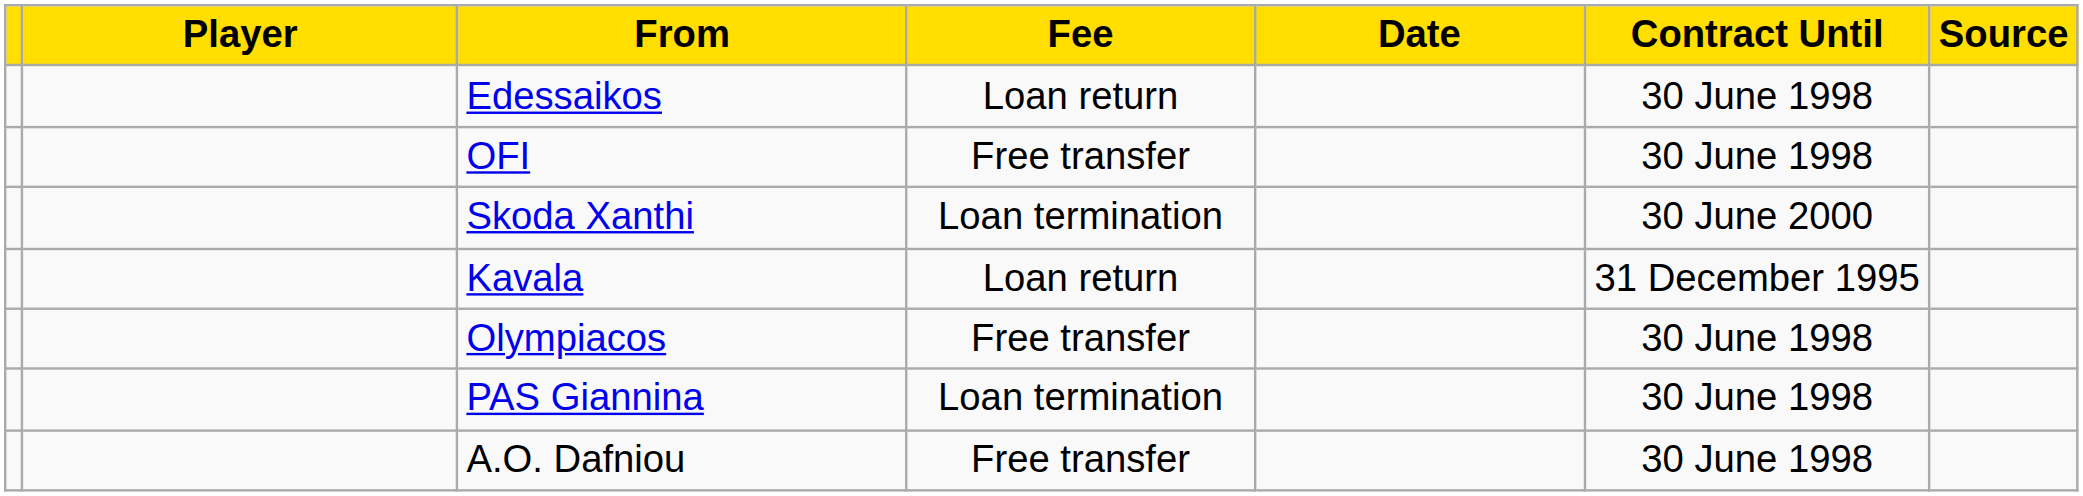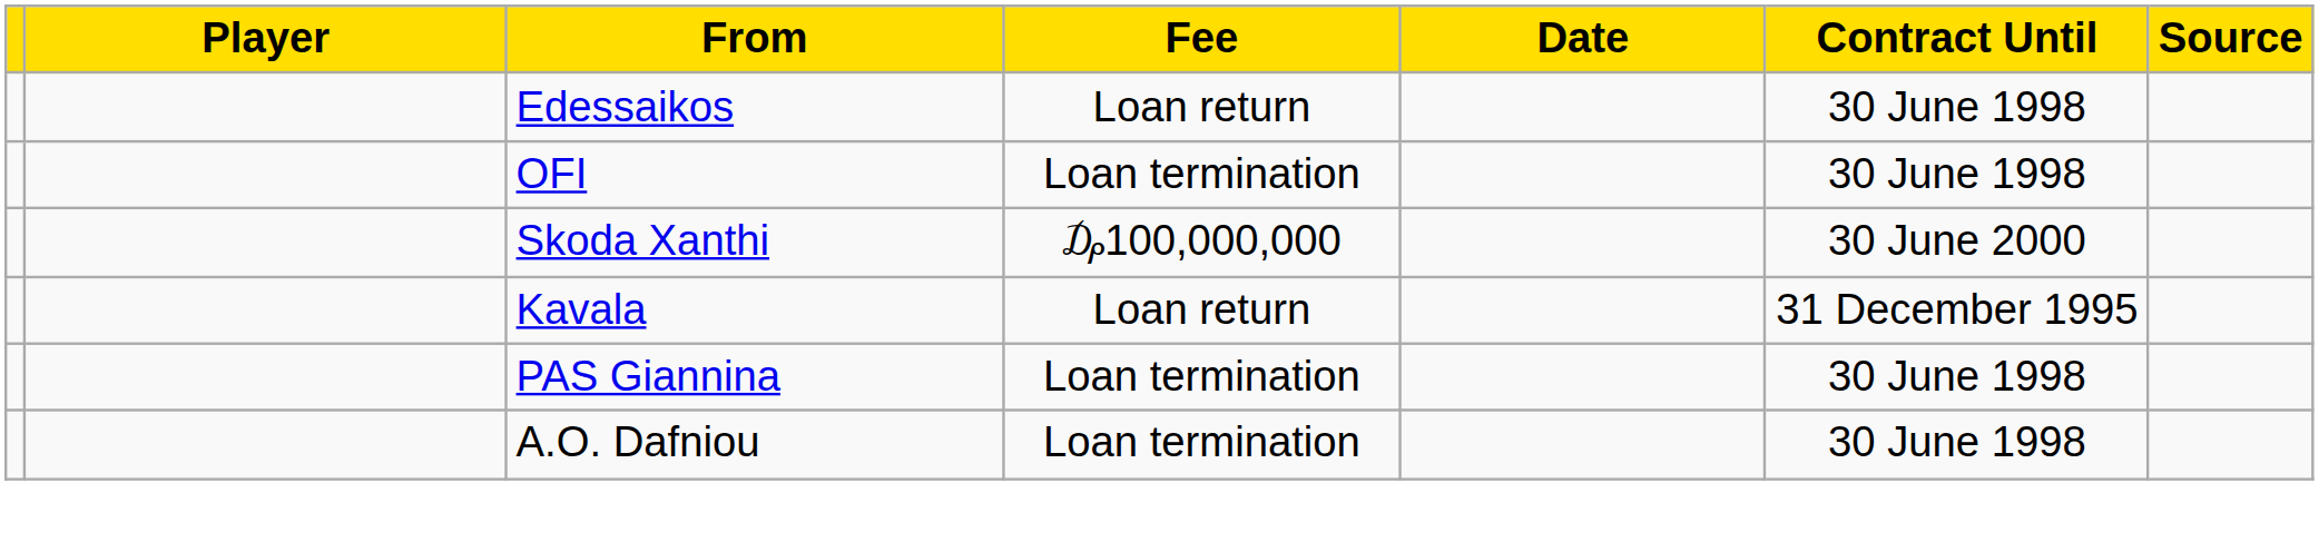 <table class="wikitable sortable">
 <tr>
 <th style="background:#FFDE00"></th>
 <th width=200 style="background:#FFDE00">Player</th>
 <th width=200 style="background:#FFDE00">From</th>
 <th width=150 style="background:#FFDE00">Fee</th>
 <th width=150 style="background:#FFDE00">Date</th>
 <th width=150 style="background:#FFDE00">Contract Until</th>
 <th style="background:#FFDE00">Source</th>
 </tr>
 <tr>
 <td align=center></td>
 <td></td>
 <td> <a href='#'>Edessaikos</a></td>
 <td align=center>Loan return</td>
 <td align=center></td>
 <td align=center>30 June 1998</td>
 <td align=center></td>
 </tr>
 <tr>
 <td align=center></td>
 <td></td>
 <td> <a href='#'>OFI</a></td>
-<td align=center>Free transfer</td>
+<td align=center>Loan termination</td>
 <td align=center></td>
 <td align=center>30 June 1998</td>
 <td align=center></td>
 </tr>
 <tr>
 <td align=center></td>
 <td></td>
 <td> <a href='#'>Skoda Xanthi</a></td>
-<td align=center>Loan termination</td>
+<td align=center>₯100,000,000</td>
 <td align=center></td>
 <td align=center>30 June 2000</td>
 <td align=center></td>
 </tr>
 <tr>
 <td align=center></td>
 <td></td>
 <td> <a href='#'>Kavala</a></td>
 <td align=center>Loan return</td>
 <td align=center></td>
 <td align=center>31 December 1995</td>
 <td align=center></td>
 </tr>
 <tr>
 <td align=center></td>
 <td></td>
-<td> <a href='#'>Olympiacos</a></td>
-<td align=center>Free transfer</td>
-<td align=center></td>
-<td align=center>30 June 1998</td>
-<td align=center></td>
-</tr>
-<tr>
-<td align=center></td>
-<td></td>
 <td> <a href='#'>PAS Giannina</a></td>
 <td align=center>Loan termination</td>
 <td align=center></td>
 <td align=center>30 June 1998</td>
 <td align=center></td>
 </tr>
 <tr>
 <td align=center></td>
 <td></td>
 <td> A.O. Dafniou</td>
-<td align=center>Free transfer</td>
+<td align=center>Loan termination</td>
 <td align=center></td>
 <td align=center>30 June 1998</td>
 <td align=center></td>
 </tr>
 </table>
